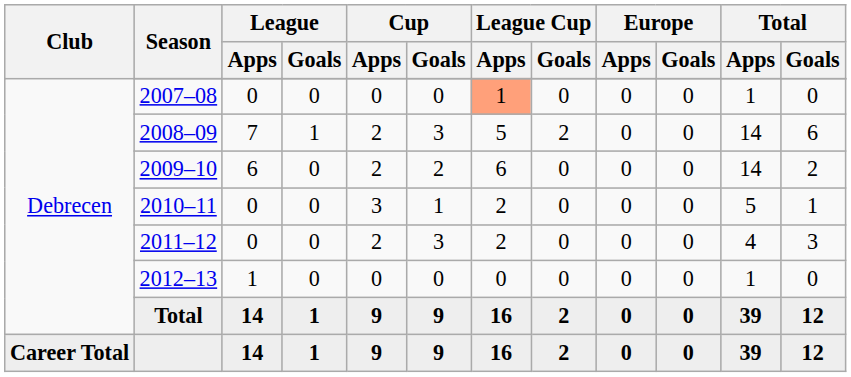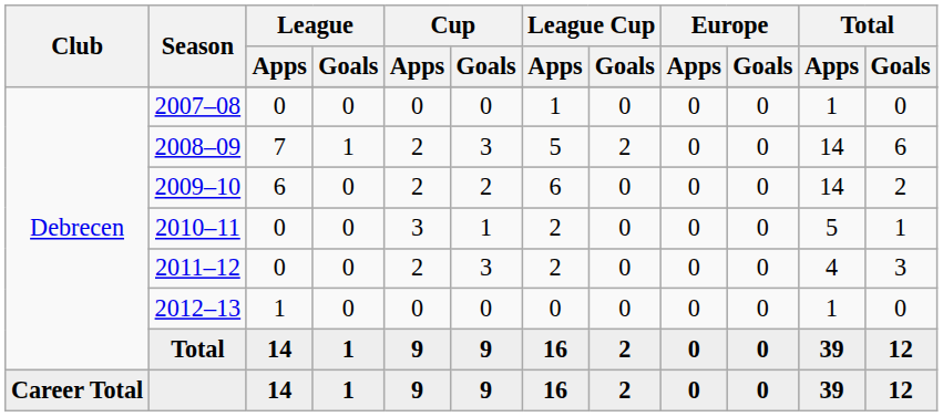 <table class="wikitable" style="font-size:90%; text-align: center;">
 <tr>
 <th rowspan="2">Club</th>
 <th rowspan="2">Season</th>
 <th colspan="2">League</th>
 <th colspan="2">Cup</th>
 <th colspan="2">League Cup</th>
 <th colspan="2">Europe</th>
 <th colspan="2">Total</th>
 </tr>
 <tr>
 <th>Apps</th>
 <th>Goals</th>
 <th>Apps</th>
 <th>Goals</th>
 <th>Apps</th>
 <th>Goals</th>
 <th>Apps</th>
 <th>Goals</th>
 <th>Apps</th>
 <th>Goals</th>
 </tr>
 <tr ||-||-||-|->
 <td rowspan="8" valign="center"><a href='#'>Debrecen</a></td>
 </tr>
 <tr>
 <td><a href='#'>2007–08</a></td>
 <td>0</td>
 <td>0</td>
 <td>0</td>
 <td>0</td>
-<td style="background: lightsalmon;">1</td>
+<td>1</td>
 <td>0</td>
 <td>0</td>
 <td>0</td>
 <td>1</td>
 <td>0</td>
 </tr>
 <tr>
 <td><a href='#'>2008–09</a></td>
 <td>7</td>
 <td>1</td>
 <td>2</td>
 <td>3</td>
 <td>5</td>
 <td>2</td>
 <td>0</td>
 <td>0</td>
 <td>14</td>
 <td>6</td>
 </tr>
 <tr>
 <td><a href='#'>2009–10</a></td>
 <td>6</td>
 <td>0</td>
 <td>2</td>
 <td>2</td>
 <td>6</td>
 <td>0</td>
 <td>0</td>
 <td>0</td>
 <td>14</td>
 <td>2</td>
 </tr>
 <tr>
 <td><a href='#'>2010–11</a></td>
 <td>0</td>
 <td>0</td>
 <td>3</td>
 <td>1</td>
 <td>2</td>
 <td>0</td>
 <td>0</td>
 <td>0</td>
 <td>5</td>
 <td>1</td>
 </tr>
 <tr>
 <td><a href='#'>2011–12</a></td>
 <td>0</td>
 <td>0</td>
 <td>2</td>
 <td>3</td>
 <td>2</td>
 <td>0</td>
 <td>0</td>
 <td>0</td>
 <td>4</td>
 <td>3</td>
 </tr>
 <tr>
 <td><a href='#'>2012–13</a></td>
 <td>1</td>
 <td>0</td>
 <td>0</td>
 <td>0</td>
 <td>0</td>
 <td>0</td>
 <td>0</td>
 <td>0</td>
 <td>1</td>
 <td>0</td>
 </tr>
 <tr style="font-weight:bold; background-color:#eeeeee;">
 <td>Total</td>
 <td>14</td>
 <td>1</td>
 <td>9</td>
 <td>9</td>
 <td>16</td>
 <td>2</td>
 <td>0</td>
 <td>0</td>
 <td>39</td>
 <td>12</td>
 </tr>
 <tr style="font-weight:bold; background-color:#eeeeee;">
 <td rowspan="1" valign="top"><strong>Career Total</strong></td>
 <td></td>
 <td><strong>14</strong></td>
 <td><strong>1</strong></td>
 <td><strong>9</strong></td>
 <td><strong>9</strong></td>
 <td><strong>16</strong></td>
 <td><strong>2</strong></td>
 <td><strong>0</strong></td>
 <td><strong>0</strong></td>
 <td><strong>39</strong></td>
 <td><strong>12</strong></td>
 </tr>
 </table>
